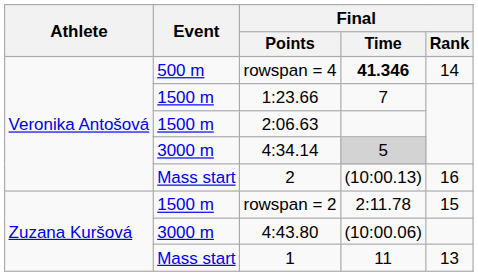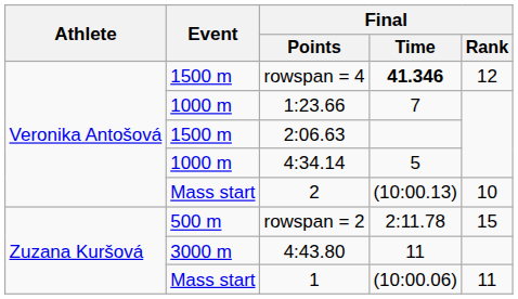 <table class="wikitable" style="font-size:90%">
 <tr>
 <th rowspan="2">Athlete</th>
 <th rowspan="2">Event</th>
 <th colspan="3">Final</th>
 </tr>
 <tr style="font-size:95%">
 <th>Points</th>
 <th>Time</th>
 <th>Rank</th>
 </tr>
 <tr align="center">
 <td align="left" rowspan = 5><a href='#'>Veronika Antošová</a></td>
-<td align="left"><a href='#'>500 m</a></td>
+<td align="left"><a href='#'>1500 m</a></td>
 <td>rowspan = 4 </td>
 <td><strong>41.346</strong></td>
-<td>14</td>
+<td>12</td>
 </tr>
 <tr align="center">
-<td align="left"><a href='#'>1500 m</a></td>
+<td align="left"><a href='#'>1000 m</a></td>
 <td>1:23.66</td>
 <td>7</td>
 </tr>
 <tr align="center">
 <td align="left"><a href='#'>1500 m</a></td>
 <td>2:06.63</td>
 <td></td>
 </tr>
 <tr align="center">
-<td align="left"><a href='#'>3000 m</a></td>
+<td align="left"><a href='#'>1000 m</a></td>
 <td>4:34.14</td>
-<td style="background: lightgrey;">5</td>
+<td>5</td>
 </tr>
 <tr align="center">
 <td align="left"><a href='#'>Mass start</a></td>
 <td>2</td>
 <td>(10:00.13)</td>
-<td>16</td>
+<td>10</td>
 </tr>
 <tr align="center">
 <td align="left" rowspan=3><a href='#'>Zuzana Kuršová</a></td>
-<td align="left"><a href='#'>1500 m</a></td>
+<td align="left"><a href='#'>500 m</a></td>
 <td>rowspan = 2 </td>
 <td>2:11.78</td>
 <td>15</td>
 </tr>
 <tr align="center">
 <td align="left"><a href='#'>3000 m</a></td>
 <td>4:43.80</td>
-<td>(10:00.06)</td>
+<td>11</td>
 </tr>
 <tr align="center">
 <td align="left"><a href='#'>Mass start</a></td>
 <td>1</td>
+<td>(10:00.06)</td>
 <td>11</td>
-<td>13</td>
 </tr>
 </table>
